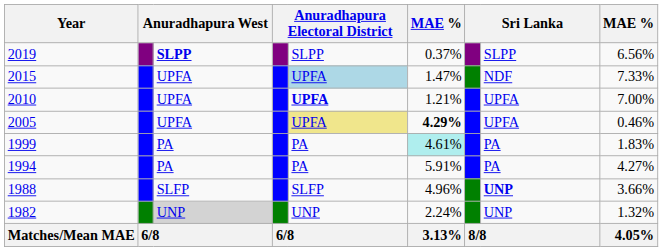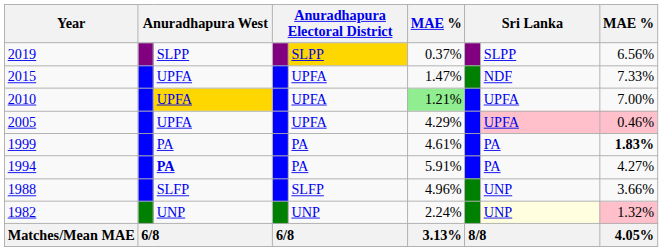 <table class="wikitable">
 <tr>
 <th>Year</th>
 <th colspan="2" width="144px">Anuradhapura West</th>
 <th colspan="2" width="144px"><a href='#'>Anuradhapura Electoral District</a></th>
 <th><a href='#'>MAE</a> %</th>
 <th colspan="2" width="144px">Sri Lanka</th>
 <th>MAE %</th>
 </tr>
 <tr>
 <td><a href='#'>2019</a></td>
 <td style="background-color:purple;" width="10px"></td>
-<td style="text-align:left;"><strong><a href='#'>SLPP</a></strong></td>
+<td style="text-align:left;"><a href='#'>SLPP</a></td>
 <td style="background-color:purple;" width="10px"></td>
-<td style="text-align:left;"><a href='#'>SLPP</a></td>
+<td style="background: gold; text-align:left;"><a href='#'>SLPP</a></td>
 <td style="text-align:right;">0.37%</td>
 <td style="background-color:purple;" width="10px"></td>
 <td style="text-align:left;"><a href='#'>SLPP</a></td>
 <td style="text-align:right;">6.56%</td>
 </tr>
 <tr>
 <td><a href='#'>2015</a></td>
 <td style="background-color:blue;" width="10px"></td>
 <td style="text-align:left;"><a href='#'>UPFA</a></td>
 <td style="background-color:blue;" width="10px"></td>
-<td style="background: lightblue; text-align:left;"><a href='#'>UPFA</a></td>
+<td style="text-align:left;"><a href='#'>UPFA</a></td>
 <td style="text-align:right;">1.47%</td>
 <td style="background-color:green;" width="10px"></td>
 <td style="text-align:left;"><a href='#'>NDF</a></td>
 <td style="text-align:right;">7.33%</td>
 </tr>
 <tr>
 <td><a href='#'>2010</a></td>
 <td style="background-color:blue;" width="10px"></td>
+<td style="background: gold; text-align:left;"><a href='#'>UPFA</a></td>
+<td style="background-color:blue;" width="10px"></td>
 <td style="text-align:left;"><a href='#'>UPFA</a></td>
-<td style="background-color:blue;" width="10px"></td>
-<td style="text-align:left;"><strong><a href='#'>UPFA</a></strong></td>
-<td style="text-align:right;">1.21%</td>
+<td style="background: lightgreen; text-align:right;">1.21%</td>
 <td style="background-color:blue;" width="10px"></td>
 <td style="text-align:left;"><a href='#'>UPFA</a></td>
 <td style="text-align:right;">7.00%</td>
 </tr>
 <tr>
 <td><a href='#'>2005</a></td>
 <td style="background-color:blue;" width="10px"></td>
 <td style="text-align:left;"><a href='#'>UPFA</a></td>
 <td style="background-color:blue;" width="10px"></td>
-<td style="background: khaki; text-align:left;"><a href='#'>UPFA</a></td>
-<td style="text-align:right;"><strong>4.29%</strong></td>
+<td style="text-align:left;"><a href='#'>UPFA</a></td>
+<td style="text-align:right;">4.29%</td>
 <td style="background-color:blue;" width="10px"></td>
-<td style="text-align:left;"><a href='#'>UPFA</a></td>
-<td style="text-align:right;">0.46%</td>
+<td style="background: pink; text-align:left;"><a href='#'>UPFA</a></td>
+<td style="background: pink; text-align:right;">0.46%</td>
 </tr>
 <tr>
 <td><a href='#'>1999</a></td>
 <td style="background-color:blue;" width="10px"></td>
 <td style="text-align:left;"><a href='#'>PA</a></td>
 <td style="background-color:blue;" width="10px"></td>
 <td style="text-align:left;"><a href='#'>PA</a></td>
-<td style="background: paleturquoise; text-align:right;">4.61%</td>
+<td style="text-align:right;">4.61%</td>
 <td style="background-color:blue;" width="10px"></td>
 <td style="text-align:left;"><a href='#'>PA</a></td>
-<td style="text-align:right;">1.83%</td>
+<td style="text-align:right;"><strong>1.83%</strong></td>
 </tr>
 <tr>
 <td><a href='#'>1994</a></td>
 <td style="background-color:blue;" width="10px"></td>
-<td style="text-align:left;"><a href='#'>PA</a></td>
+<td style="text-align:left;"><strong><a href='#'>PA</a></strong></td>
 <td style="background-color:blue;" width="10px"></td>
 <td style="text-align:left;"><a href='#'>PA</a></td>
 <td style="text-align:right;">5.91%</td>
 <td style="background-color:blue;" width="10px"></td>
 <td style="text-align:left;"><a href='#'>PA</a></td>
 <td style="text-align:right;">4.27%</td>
 </tr>
 <tr>
 <td><a href='#'>1988</a></td>
 <td style="background-color:blue;" width="10px"></td>
 <td style="text-align:left;"><a href='#'>SLFP</a></td>
 <td style="background-color:blue;" width="10px"></td>
 <td style="text-align:left;"><a href='#'>SLFP</a></td>
 <td style="text-align:right;">4.96%</td>
 <td style="background-color:green;" width="10px"></td>
-<td style="text-align:left;"><strong><a href='#'>UNP</a></strong></td>
+<td style="text-align:left;"><a href='#'>UNP</a></td>
 <td style="text-align:right;">3.66%</td>
 </tr>
 <tr>
 <td><a href='#'>1982</a></td>
 <td style="background-color:green;" width="10px"></td>
-<td style="background: lightgrey; text-align:left;"><a href='#'>UNP</a></td>
+<td style="text-align:left;"><a href='#'>UNP</a></td>
 <td style="background-color:green;" width="10px"></td>
 <td style="text-align:left;"><a href='#'>UNP</a></td>
 <td style="text-align:right;">2.24%</td>
 <td style="background-color:green;" width="10px"></td>
-<td style="text-align:left;"><a href='#'>UNP</a></td>
-<td style="text-align:right;">1.32%</td>
+<td style="background: lightyellow; text-align:left;"><a href='#'>UNP</a></td>
+<td style="background: pink; text-align:right;">1.32%</td>
 </tr>
 <tr>
 <th>Matches/Mean MAE</th>
 <th style="text-align:left;"colspan="2" width="144px">6/8</th>
 <th style="text-align:left;"colspan="2" width="144px">6/8</th>
 <th style="text-align:right;">3.13%</th>
 <th style="text-align:left;"colspan="2" width="144px">8/8</th>
 <th style="text-align:right;">4.05%</th>
 </tr>
 </table>
